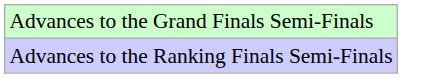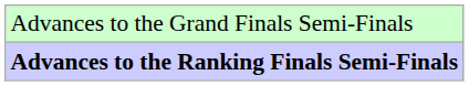 <table class="wikitable">
 <tr width=30px bgcolor="#ccffcc">
 <td>Advances to the Grand Finals Semi-Finals</td>
 </tr>
 <tr width=10px bgcolor="#CCCCFF">
-<td>Advances to the Ranking Finals Semi-Finals</td>
+<td><strong>Advances to the Ranking Finals Semi-Finals</strong></td>
 </tr>
 </table>
